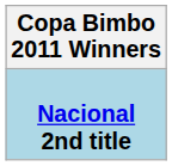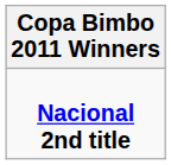 <table class="wikitable" style="text-align: center; margin: 0 auto;">
 <tr>
 <th>Copa Bimbo<br>2011 Winners</th>
 </tr>
 <tr>
-<td style="background: lightblue;"><br><strong><a href='#'>Nacional</a></strong><br><strong>2nd title</strong></td>
+<td><br><strong><a href='#'>Nacional</a></strong><br><strong>2nd title</strong></td>
 </tr>
 </table>
